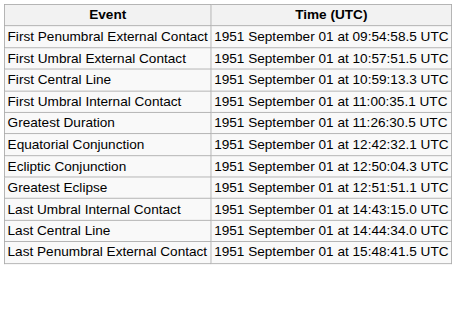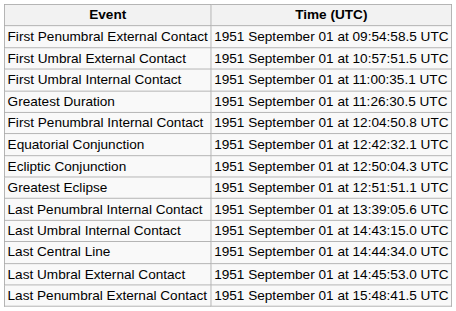 <table class="wikitable">
 <tr>
 <th>Event</th>
 <th>Time (UTC)</th>
 </tr>
 <tr>
 <td>First Penumbral External Contact</td>
 <td>1951 September 01 at 09:54:58.5 UTC</td>
 </tr>
 <tr>
 <td>First Umbral External Contact</td>
 <td>1951 September 01 at 10:57:51.5 UTC</td>
 </tr>
 <tr>
-<td>First Central Line</td>
-<td>1951 September 01 at 10:59:13.3 UTC</td>
-</tr>
-<tr>
 <td>First Umbral Internal Contact</td>
 <td>1951 September 01 at 11:00:35.1 UTC</td>
 </tr>
 <tr>
 <td>Greatest Duration</td>
 <td>1951 September 01 at 11:26:30.5 UTC</td>
+</tr>
+<tr>
+<td>First Penumbral Internal Contact</td>
+<td>1951 September 01 at 12:04:50.8 UTC</td>
 </tr>
 <tr>
 <td>Equatorial Conjunction</td>
 <td>1951 September 01 at 12:42:32.1 UTC</td>
 </tr>
 <tr>
 <td>Ecliptic Conjunction</td>
 <td>1951 September 01 at 12:50:04.3 UTC</td>
 </tr>
 <tr>
 <td>Greatest Eclipse</td>
 <td>1951 September 01 at 12:51:51.1 UTC</td>
 </tr>
 <tr>
+<td>Last Penumbral Internal Contact</td>
+<td>1951 September 01 at 13:39:05.6 UTC</td>
+</tr>
+<tr>
 <td>Last Umbral Internal Contact</td>
 <td>1951 September 01 at 14:43:15.0 UTC</td>
 </tr>
 <tr>
 <td>Last Central Line</td>
 <td>1951 September 01 at 14:44:34.0 UTC</td>
 </tr>
 <tr>
+<td>Last Umbral External Contact</td>
+<td>1951 September 01 at 14:45:53.0 UTC</td>
+</tr>
+<tr>
 <td>Last Penumbral External Contact</td>
 <td>1951 September 01 at 15:48:41.5 UTC</td>
 </tr>
 </table>
